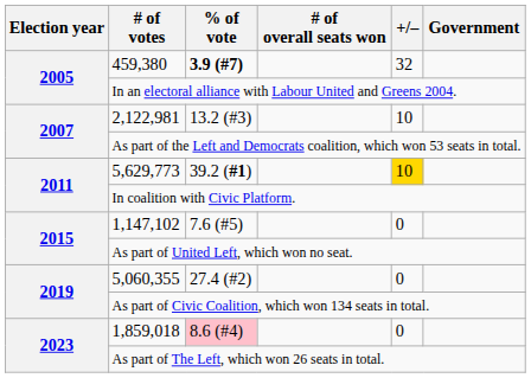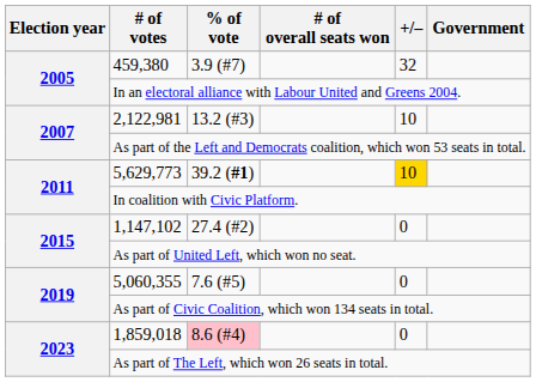 <table class=wikitable>
 <tr>
 <th>Election year</th>
 <th># of<br>votes</th>
 <th>% of<br>vote</th>
 <th># of<br>overall seats won</th>
 <th>+/–</th>
 <th>Government</th>
 </tr>
 <tr>
 <th rowspan=2><a href='#'>2005</a></th>
 <td>459,380</td>
-<td><strong>3.9 (#7)</strong></td>
+<td>3.9 (#7)</td>
 <td></td>
 <td> 32</td>
 <td></td>
 </tr>
 <tr>
 <td colspan=5><small>In an <a href='#'>electoral alliance</a> with <a href='#'>Labour United</a> and <a href='#'>Greens 2004</a>.</small></td>
 </tr>
 <tr>
 <th rowspan=2><a href='#'>2007</a></th>
 <td>2,122,981</td>
 <td>13.2 (#3)</td>
 <td></td>
 <td>10</td>
 <td></td>
 </tr>
 <tr>
 <td colspan=5><small>As part of the <a href='#'>Left and Democrats</a> coalition, which won 53 seats in total.</small></td>
 </tr>
 <tr>
 <th rowspan=2><a href='#'>2011</a></th>
 <td>5,629,773</td>
 <td>39.2 (<strong>#1</strong>)</td>
 <td></td>
 <td style="background: gold;">10</td>
 <td></td>
 </tr>
 <tr>
 <td colspan=5><small>In coalition with <a href='#'>Civic Platform</a>.</small></td>
 </tr>
 <tr>
 <th rowspan=2><a href='#'>2015</a></th>
 <td>1,147,102</td>
-<td>7.6 (#5)</td>
+<td>27.4 (#2)</td>
 <td></td>
 <td> 0</td>
 <td></td>
 </tr>
 <tr>
 <td colspan=5><small>As part of <a href='#'>United Left</a>, which won no seat.</small></td>
 </tr>
 <tr>
 <th rowspan=2><a href='#'>2019</a></th>
 <td>5,060,355</td>
-<td>27.4 (#2)</td>
+<td>7.6 (#5)</td>
 <td></td>
 <td> 0</td>
 <td></td>
 </tr>
 <tr>
 <td colspan=5><small>As part of <a href='#'>Civic Coalition</a>, which won 134 seats in total.</small></td>
 </tr>
 <tr>
 <th rowspan=2><a href='#'>2023</a></th>
 <td>1,859,018</td>
 <td style="background: pink;">8.6 (#4)</td>
 <td></td>
 <td> 0</td>
 <td></td>
 </tr>
 <tr>
 <td colspan=5><small>As part of <a href='#'>The Left</a>, which won 26 seats in total.</small></td>
 </tr>
 </table>
